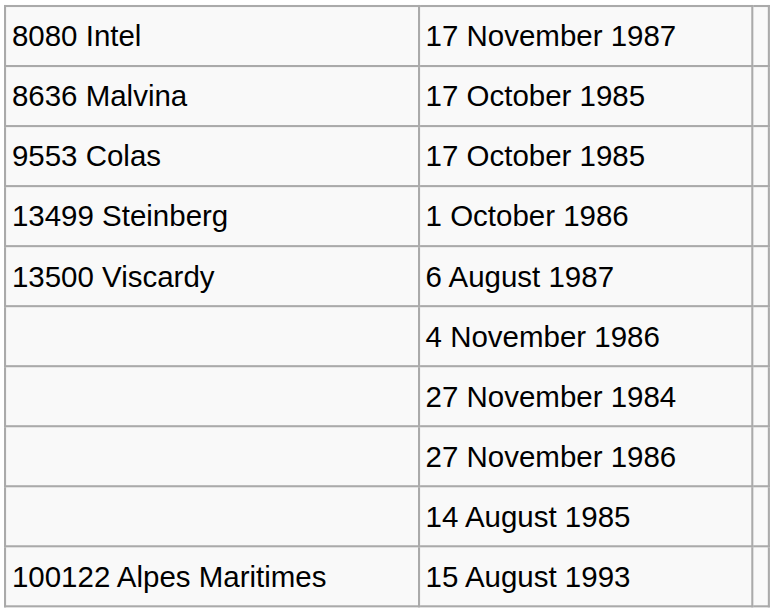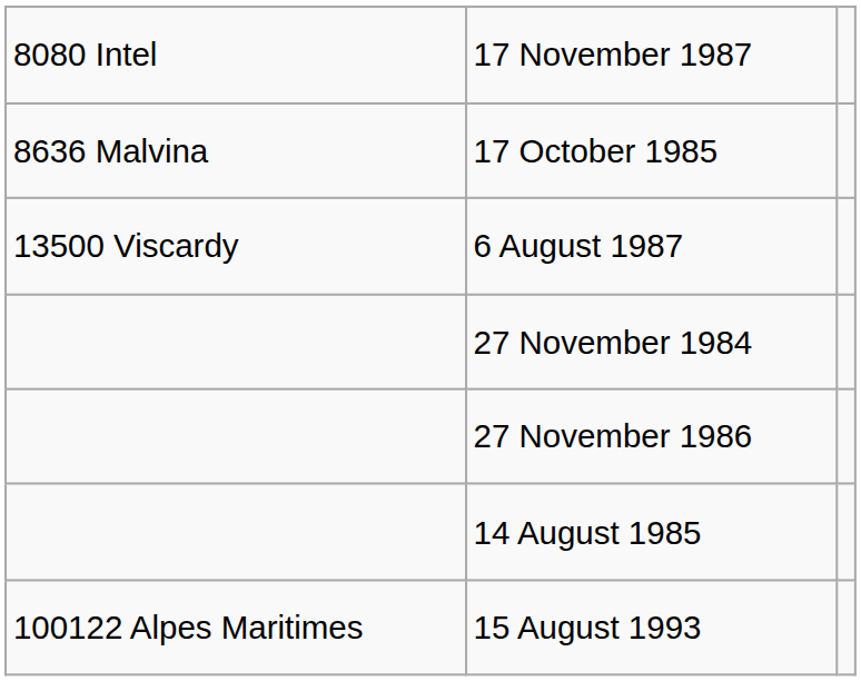 <table class="wikitable" style="font-size: 89%; float: left; width: 26em; margin-right: 1em; height: 291px;">
 <tr>
 <td>8080 Intel</td>
 <td>17 November 1987</td>
 <td></td>
 </tr>
 <tr>
 <td>8636 Malvina</td>
 <td>17 October 1985</td>
 <td></td>
 </tr>
 <tr>
-<td>9553 Colas</td>
-<td>17 October 1985</td>
-<td></td>
-</tr>
-<tr>
-<td>13499 Steinberg</td>
-<td>1 October 1986</td>
-<td></td>
-</tr>
-<tr>
 <td>13500 Viscardy</td>
 <td>6 August 1987</td>
-<td></td>
-</tr>
-<tr>
-<td></td>
-<td>4 November 1986</td>
 <td></td>
 </tr>
 <tr>
 <td></td>
 <td>27 November 1984</td>
 <td></td>
 </tr>
 <tr>
 <td></td>
 <td>27 November 1986</td>
 <td></td>
 </tr>
 <tr>
 <td></td>
 <td>14 August 1985</td>
 <td></td>
 </tr>
 <tr>
 <td>100122 Alpes Maritimes</td>
 <td>15 August 1993</td>
 <td></td>
 </tr>
 </table>
